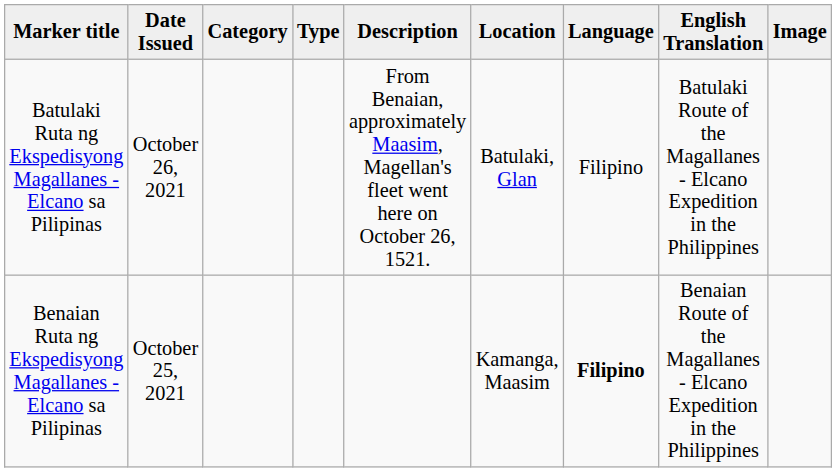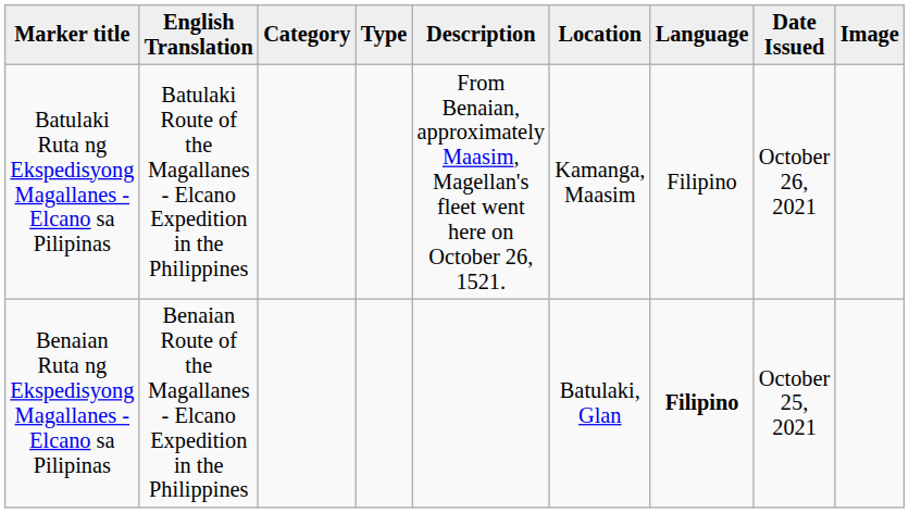 <table class="wikitable" style="width:90%; text-align:center;">
 <tr>
 <th style="width:20%; background:#efefef;">Marker title</th>
-<th style="width:10%; background:#efefef;">Date Issued</th>
+<th style="width:20%; background:#efefef;">English Translation</th>
 <th style="width:10%; background:#efefef;">Category</th>
 <th style="width:10%; background:#efefef;">Type</th>
 <th style="width:20%; background:#efefef;">Description</th>
 <th style="width:20%; background:#efefef;">Location</th>
 <th style="width:10%; background:#efefef;">Language</th>
-<th style="width:20%; background:#efefef;">English Translation</th>
+<th style="width:10%; background:#efefef;">Date Issued</th>
 <th style="width:10%; background:#efefef;">Image</th>
 </tr>
 <tr>
 <td>Batulaki<br>Ruta ng <a href='#'>Ekspedisyong Magallanes - Elcano</a> sa Pilipinas</td>
-<td>October 26, 2021</td>
+<td>Batulaki<br>Route of the Magallanes - Elcano Expedition in the Philippines</td>
 <td></td>
 <td></td>
 <td>From Benaian, approximately <a href='#'>Maasim</a>, Magellan's fleet went here on October 26, 1521.</td>
-<td>Batulaki, <a href='#'>Glan</a></td>
+<td>Kamanga, Maasim</td>
 <td>Filipino</td>
-<td>Batulaki<br>Route of the Magallanes - Elcano Expedition in the Philippines</td>
+<td>October 26, 2021</td>
 <td></td>
 </tr>
 <tr>
 <td>Benaian<br>Ruta ng <a href='#'>Ekspedisyong Magallanes - Elcano</a> sa Pilipinas</td>
-<td>October 25, 2021</td>
+<td>Benaian<br>Route of the Magallanes - Elcano Expedition in the Philippines</td>
 <td></td>
 <td></td>
 <td></td>
-<td>Kamanga, Maasim</td>
+<td>Batulaki, <a href='#'>Glan</a></td>
 <td><strong>Filipino</strong></td>
-<td>Benaian<br>Route of the Magallanes - Elcano Expedition in the Philippines</td>
+<td>October 25, 2021</td>
 <td></td>
 </tr>
 </table>
